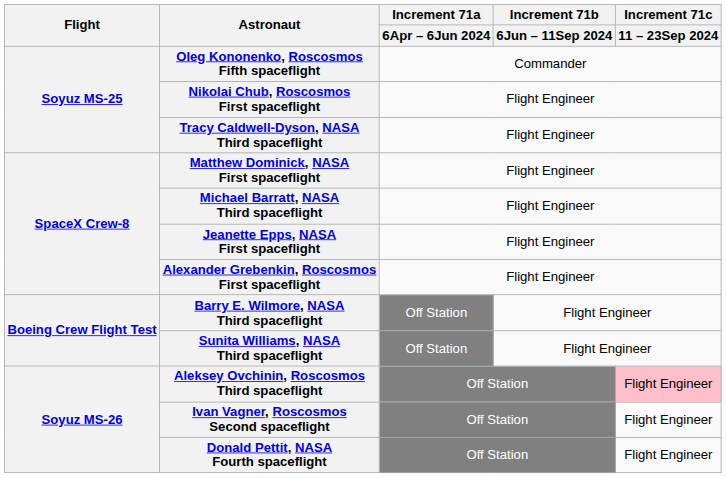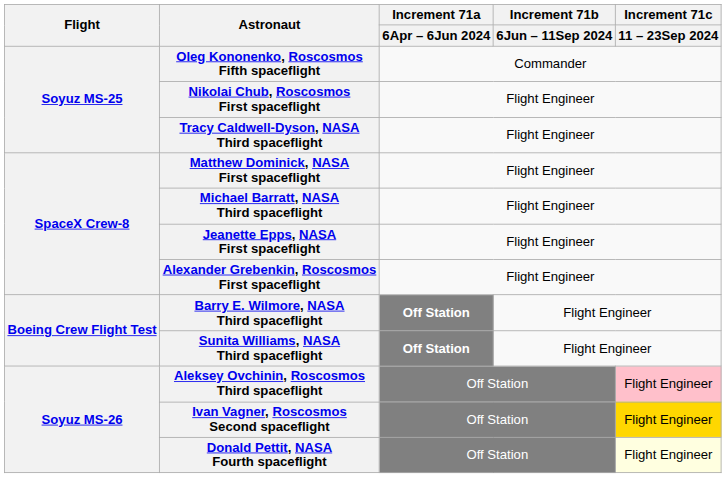 <table class="wikitable" style="text-align:center">
 <tr>
 <th rowspan="2">Flight</th>
 <th rowspan="2">Astronaut</th>
 <th>Increment 71a</th>
 <th>Increment 71b</th>
 <th>Increment 71c</th>
 </tr>
 <tr>
 <th>6Apr – 6Jun 2024</th>
 <th>6Jun – 11Sep 2024</th>
 <th>11 – 23Sep 2024</th>
 </tr>
 <tr>
 <th rowspan="3"><a href='#'>Soyuz MS-25</a></th>
 <th> <a href='#'>Oleg Kononenko</a>, <a href='#'>Roscosmos</a> <br> Fifth spaceflight</th>
 <td colspan="3">Commander</td>
 </tr>
 <tr>
 <th>  <a href='#'>Nikolai Chub</a>, <a href='#'>Roscosmos</a> <br> First spaceflight</th>
 <td colspan="3">Flight Engineer</td>
 </tr>
 <tr>
 <th> <a href='#'>Tracy Caldwell-Dyson</a>, <a href='#'>NASA</a> <br> Third spaceflight</th>
 <td colspan="3">Flight Engineer</td>
 </tr>
 <tr>
 <th rowspan="4"><a href='#'>SpaceX Crew-8</a></th>
 <th> <a href='#'>Matthew Dominick</a>, <a href='#'>NASA</a> <br> First spaceflight</th>
 <td colspan="3">Flight Engineer</td>
 </tr>
 <tr>
 <th> <a href='#'>Michael Barratt</a>, <a href='#'>NASA</a> <br> Third spaceflight</th>
 <td colspan="3">Flight Engineer</td>
 </tr>
 <tr>
 <th> <a href='#'>Jeanette Epps</a>, <a href='#'>NASA</a> <br> First spaceflight</th>
 <td colspan="3">Flight Engineer</td>
 </tr>
 <tr>
 <th> <a href='#'>Alexander Grebenkin</a>, <a href='#'>Roscosmos</a> <br> First spaceflight</th>
 <td colspan="3">Flight Engineer</td>
 </tr>
 <tr>
 <th rowspan="2"><a href='#'>Boeing Crew Flight Test</a></th>
 <th> <a href='#'>Barry E. Wilmore</a>, <a href='#'>NASA</a> <br> Third spaceflight</th>
-<td style="background:grey; color:white;">Off Station</td>
+<td style="background:grey; color:white;"><strong>Off Station</strong></td>
 <td colspan="2">Flight Engineer</td>
 </tr>
 <tr>
 <th> <a href='#'>Sunita Williams</a>, <a href='#'>NASA</a> <br> Third spaceflight</th>
-<td style="background:grey; color:white;">Off Station</td>
+<td style="background:grey; color:white;"><strong>Off Station</strong></td>
 <td colspan="2">Flight Engineer</td>
 </tr>
 <tr>
 <th rowspan="3"><a href='#'>Soyuz MS-26</a></th>
 <th>  <a href='#'>Aleksey Ovchinin</a>, <a href='#'>Roscosmos</a><br> Third spaceflight</th>
 <td colspan="2" style="background:grey; color:white;">Off Station</td>
 <td style="background: pink;">Flight Engineer</td>
 </tr>
 <tr>
 <th>  <a href='#'>Ivan Vagner</a>, <a href='#'>Roscosmos</a> <br> Second spaceflight</th>
 <td colspan="2" style="background:grey; color:white;">Off Station</td>
-<td>Flight Engineer</td>
+<td style="background: gold;">Flight Engineer</td>
 </tr>
 <tr>
 <th> <a href='#'>Donald Pettit</a>, <a href='#'>NASA</a> <br> Fourth spaceflight</th>
 <td colspan="2" style="background:grey; color:white;">Off Station</td>
-<td>Flight Engineer</td>
+<td style="background: lightyellow;">Flight Engineer</td>
 </tr>
 </table>
